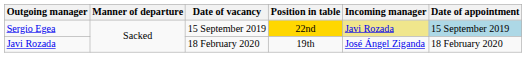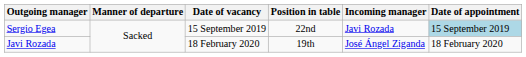 <table class="wikitable sortable">
 <tr>
 <th>Outgoing manager</th>
 <th>Manner of departure</th>
 <th>Date of vacancy</th>
 <th>Position in table</th>
 <th>Incoming manager</th>
 <th>Date of appointment</th>
 </tr>
 <tr>
 <td> <a href='#'>Sergio Egea</a></td>
 <td align=center rowspan=2>Sacked</td>
 <td>15 September 2019</td>
-<td align=center style="background: gold;">22nd</td>
-<td style="background: khaki;"> <a href='#'>Javi Rozada</a></td>
+<td align=center>22nd</td>
+<td> <a href='#'>Javi Rozada</a></td>
 <td style="background: lightblue;">15 September 2019</td>
 </tr>
 <tr>
 <td> <a href='#'>Javi Rozada</a></td>
 <td>18 February 2020</td>
 <td align=center>19th</td>
 <td> <a href='#'>José Ángel Ziganda</a></td>
 <td>18 February 2020</td>
 </tr>
 </table>
